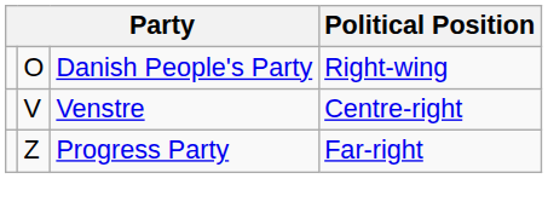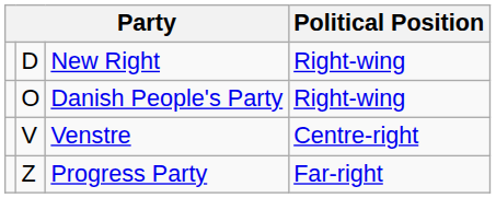 <table class="wikitable mw-collapsible mw-collapsed">
 <tr>
 <th colspan="3">Party</th>
 <th>Political Position</th>
+</tr>
+<tr>
+<td></td>
+<td>D</td>
+<td><a href='#'>New Right</a></td>
+<td><a href='#'>Right-wing</a></td>
 </tr>
 <tr>
 <td></td>
 <td>O</td>
 <td><a href='#'>Danish People's Party</a></td>
 <td><a href='#'>Right-wing</a></td>
 </tr>
 <tr>
 <td></td>
 <td>V</td>
 <td><a href='#'>Venstre</a></td>
 <td><a href='#'>Centre-right</a></td>
 </tr>
 <tr>
 <td></td>
 <td>Z</td>
 <td><a href='#'>Progress Party</a></td>
 <td><a href='#'>Far-right</a></td>
 </tr>
 </table>
